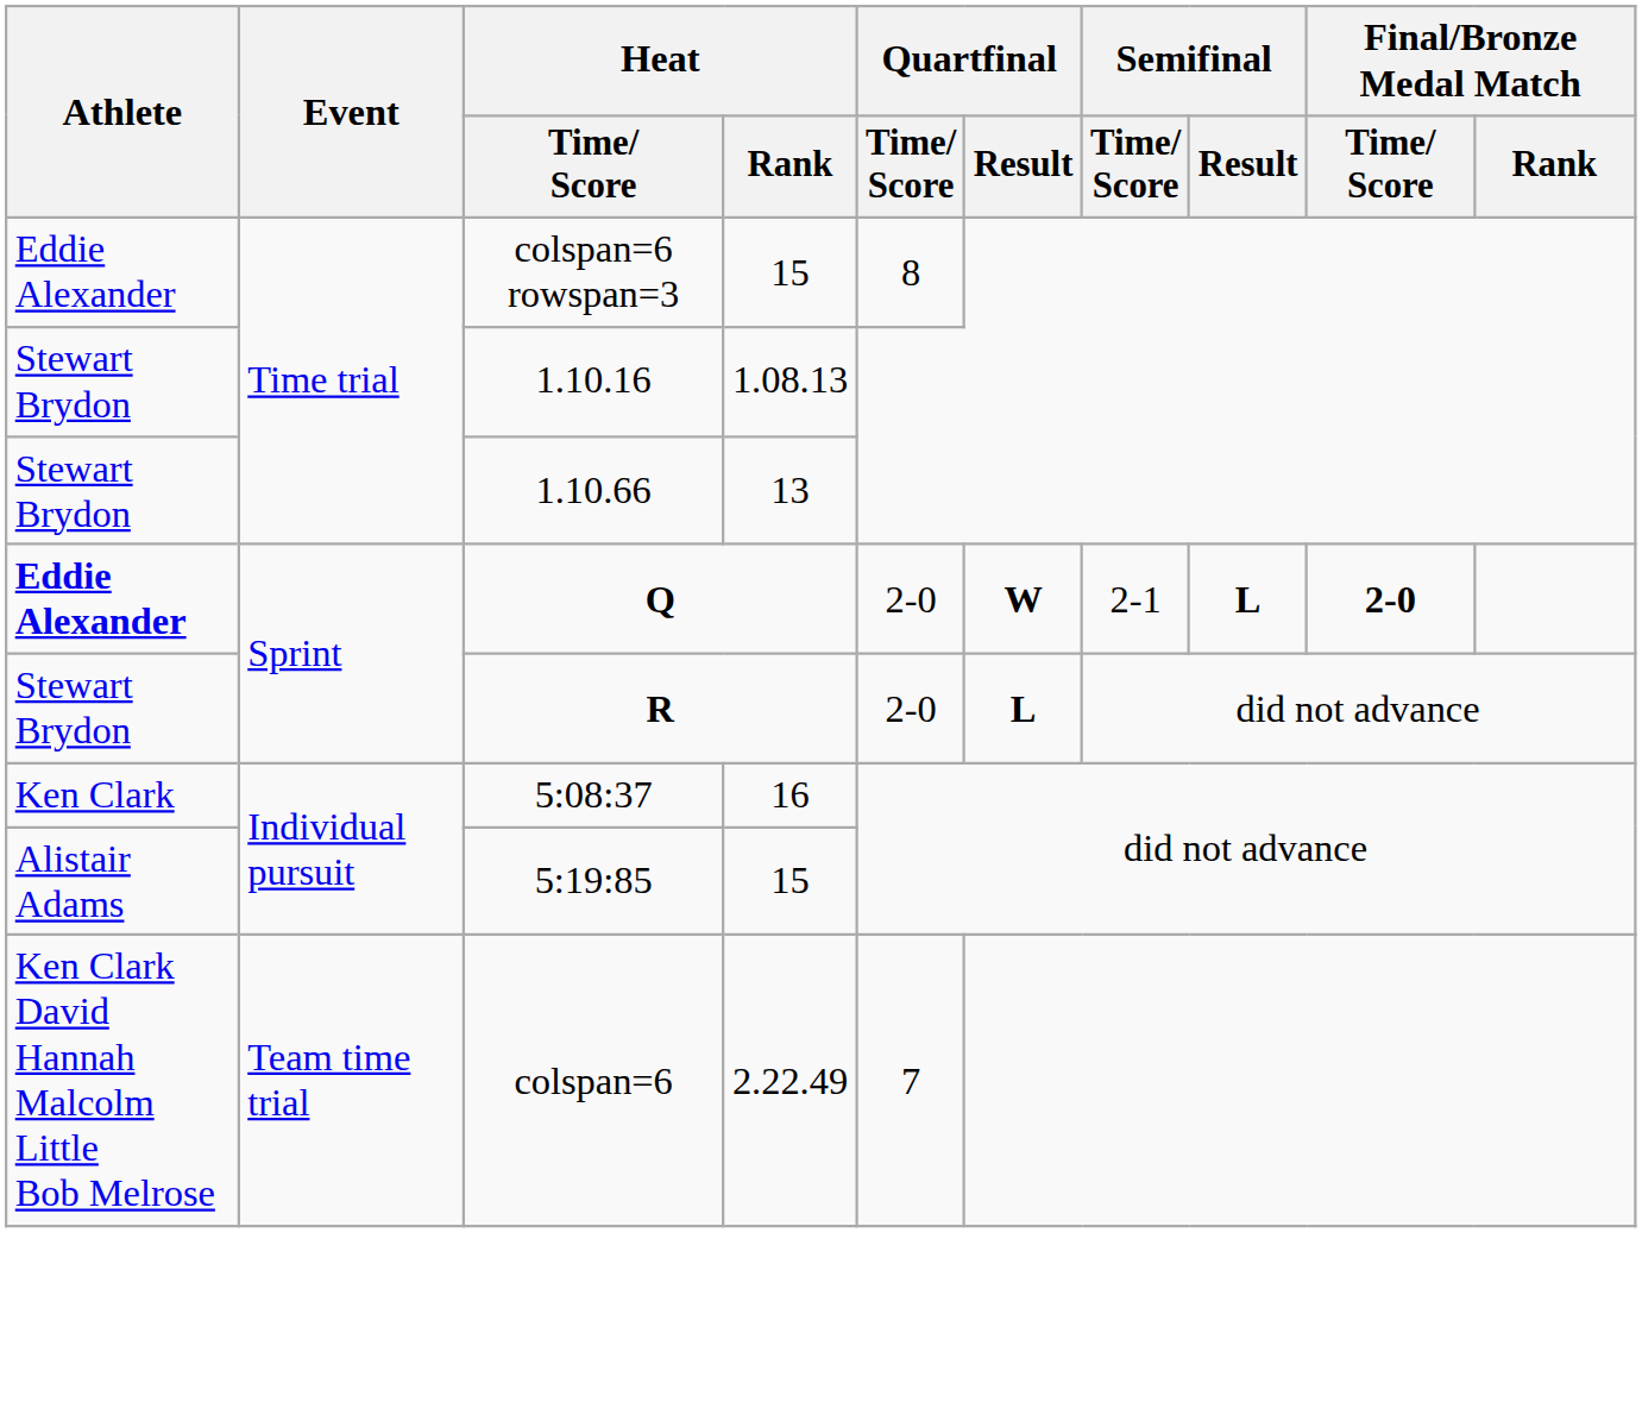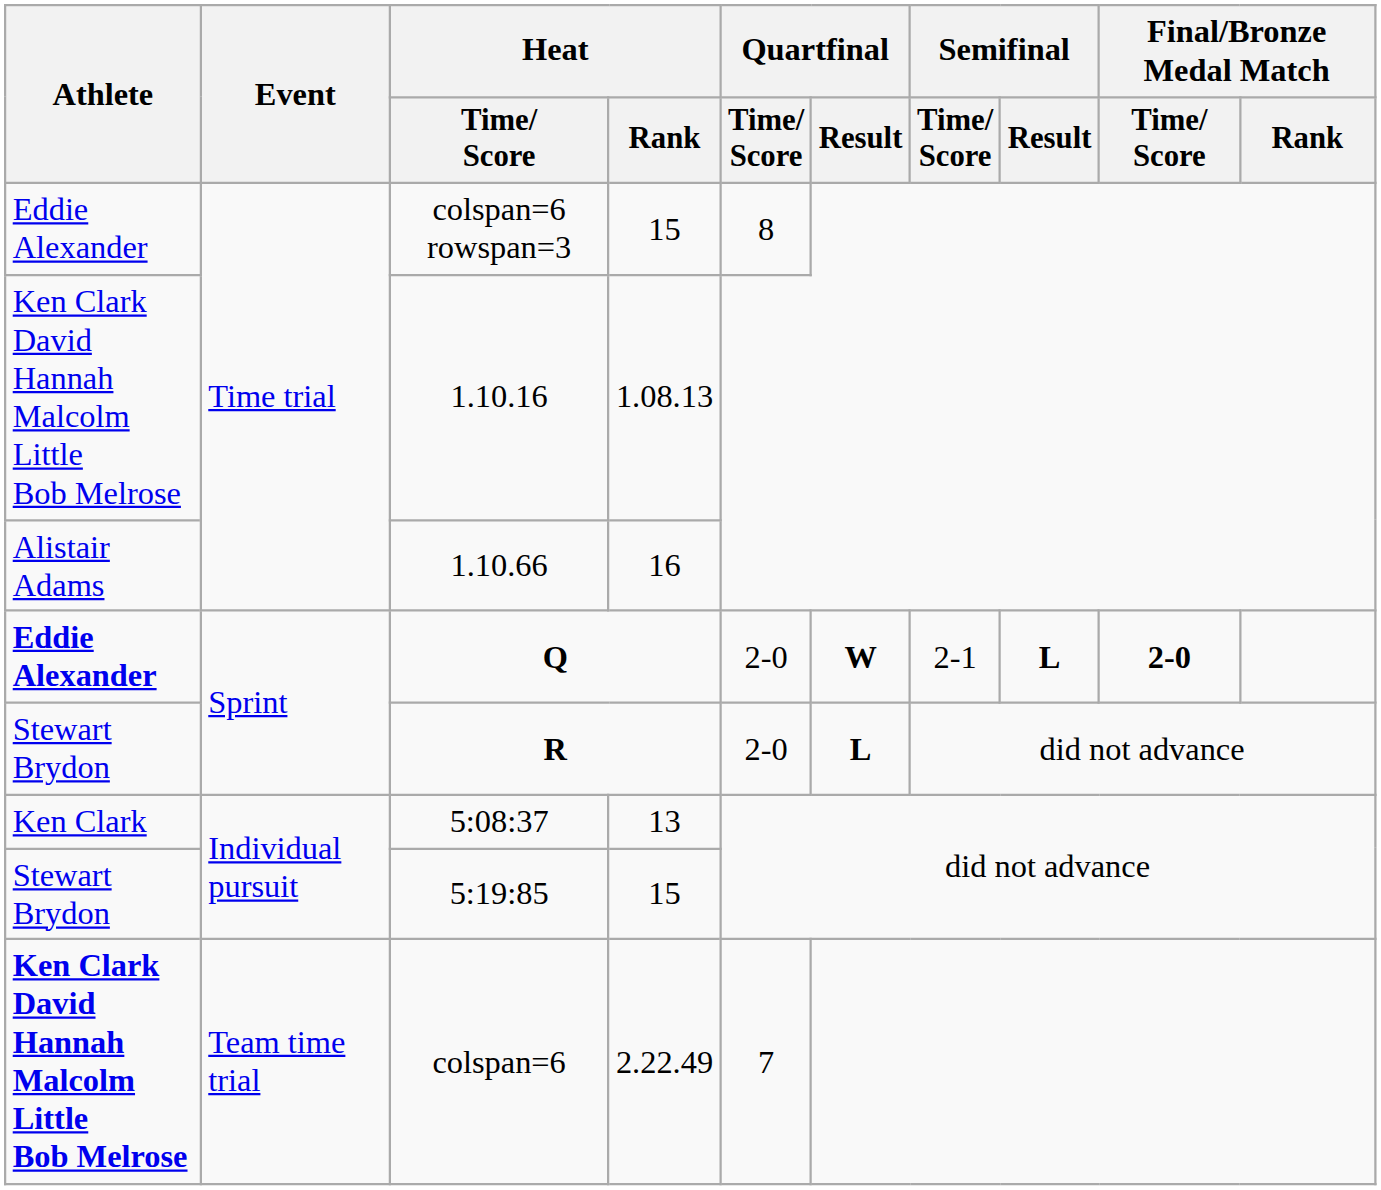 <table class=wikitable style=font-size:90%>
 <tr>
 <th rowspan=2>Athlete</th>
 <th rowspan=2>Event</th>
 <th colspan=2>Heat</th>
 <th colspan=2>Quartfinal</th>
 <th colspan=2>Semifinal</th>
 <th colspan=2>Final/Bronze Medal Match</th>
 </tr>
 <tr style=font-size:95%>
 <th>Time/<br>Score</th>
 <th>Rank</th>
 <th>Time/<br>Score</th>
 <th>Result</th>
 <th>Time/<br>Score</th>
 <th>Result</th>
 <th>Time/<br>Score</th>
 <th>Rank</th>
 </tr>
 <tr align=center>
 <td align=left><a href='#'>Eddie Alexander</a></td>
 <td align=left rowspan=3><a href='#'>Time trial</a></td>
 <td>colspan=6 rowspan=3 </td>
 <td>15</td>
 <td>8</td>
 </tr>
 <tr align=center>
-<td align=left><a href='#'>Stewart Brydon</a></td>
+<td align=left><a href='#'>Ken Clark</a><br><a href='#'>David Hannah</a><br><a href='#'>Malcolm Little</a><br><a href='#'>Bob Melrose</a></td>
 <td>1.10.16</td>
 <td>1.08.13</td>
 </tr>
 <tr align=center>
-<td align=left><a href='#'>Stewart Brydon</a></td>
+<td align=left><a href='#'>Alistair Adams</a></td>
 <td>1.10.66</td>
-<td>13</td>
+<td>16</td>
 </tr>
 <tr align=center>
 <td align=left><strong><a href='#'>Eddie Alexander</a></strong></td>
 <td align=left rowspan=2><a href='#'>Sprint</a></td>
 <td colspan=2><strong>Q</strong></td>
 <td>2-0</td>
 <td><strong>W</strong></td>
 <td>2-1</td>
 <td><strong>L</strong></td>
 <td><strong>2-0</strong></td>
 <td></td>
 </tr>
 <tr align=center>
 <td align=left><a href='#'>Stewart Brydon</a></td>
 <td colspan=2><strong>R</strong></td>
 <td>2-0</td>
 <td><strong>L</strong></td>
 <td colspan=4>did not advance</td>
 </tr>
 <tr align=center>
 <td align=left><a href='#'>Ken Clark</a></td>
 <td align=left rowspan=2><a href='#'>Individual pursuit</a></td>
 <td>5:08:37</td>
-<td>16</td>
+<td>13</td>
 <td colspan=6 rowspan=2>did not advance</td>
 </tr>
 <tr align=center>
-<td align=left><a href='#'>Alistair Adams</a></td>
+<td align=left><a href='#'>Stewart Brydon</a></td>
 <td>5:19:85</td>
 <td>15</td>
 </tr>
 <tr align=center>
-<td align=left><a href='#'>Ken Clark</a><br><a href='#'>David Hannah</a><br><a href='#'>Malcolm Little</a><br><a href='#'>Bob Melrose</a></td>
+<td align=left><strong><a href='#'>Ken Clark</a><br><a href='#'>David Hannah</a><br><a href='#'>Malcolm Little</a><br><a href='#'>Bob Melrose</a></strong></td>
 <td align=left><a href='#'>Team time trial</a></td>
 <td>colspan=6 </td>
 <td>2.22.49</td>
 <td>7</td>
 </tr>
 </table>
